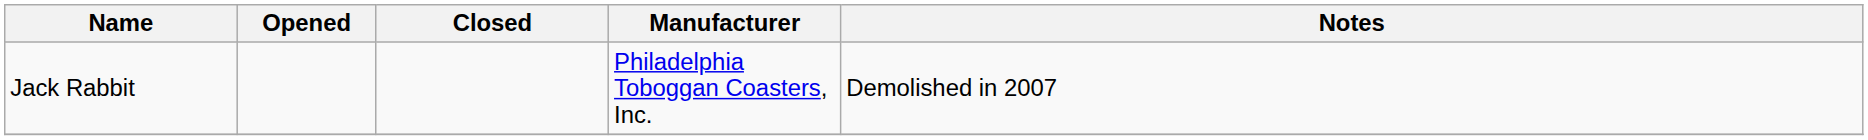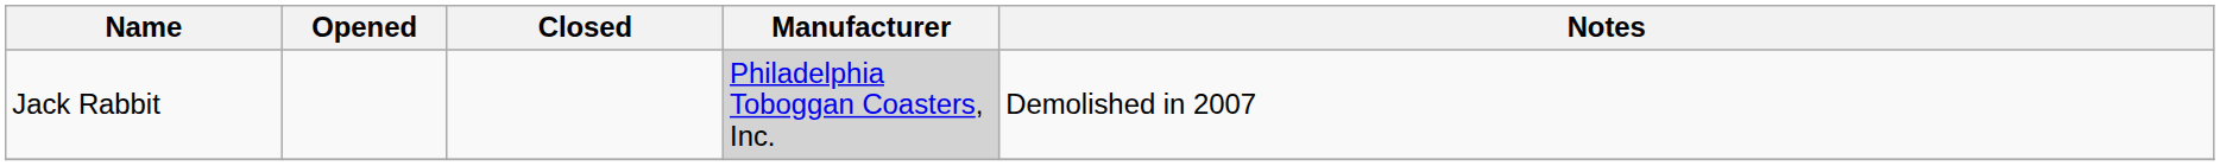 <table class="wikitable">
 <tr>
 <th style="width: 10%;">Name</th>
 <th style="width: 6%;">Opened</th>
 <th style="width: 10%;">Closed</th>
 <th style="width: 10%;">Manufacturer</th>
 <th style="width: 44%;">Notes</th>
 </tr>
 <tr>
 <td>Jack Rabbit</td>
 <td></td>
 <td></td>
-<td><a href='#'>Philadelphia Toboggan Coasters</a>, Inc.</td>
+<td style="background: lightgrey;"><a href='#'>Philadelphia Toboggan Coasters</a>, Inc.</td>
 <td>Demolished in 2007</td>
 </tr>
 <tr>
 </tr>
 </table>
